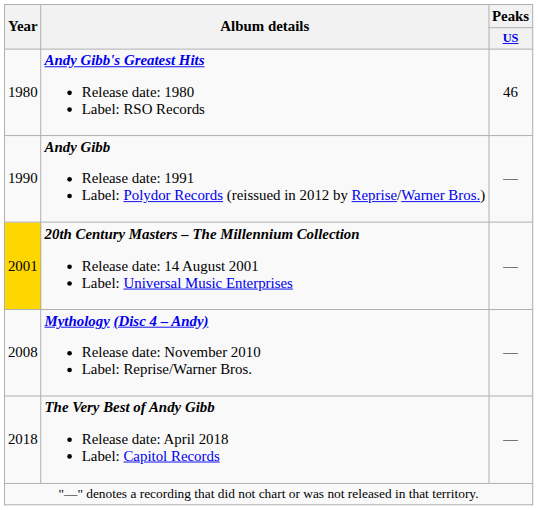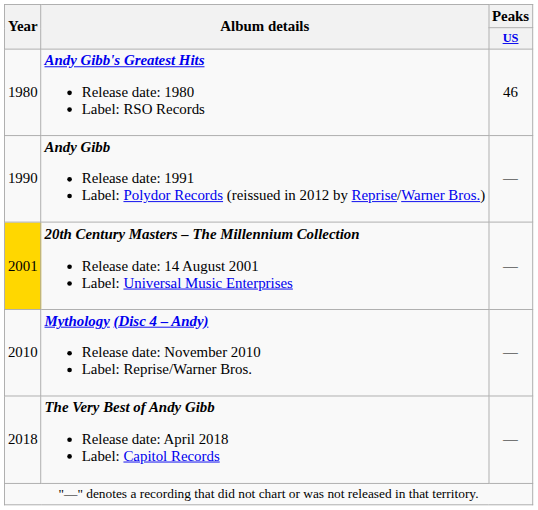 <table class="wikitable" style="text-align:center;">
 <tr>
 <th rowspan="2">Year</th>
 <th rowspan="2">Album details</th>
 <th colspan="1">Peaks</th>
 </tr>
 <tr style="font-size:smaller;">
 <th width="35"><a href='#'>US</a><br></th>
 </tr>
 <tr>
 <td>1980</td>
 <td style="text-align:left;"><strong><em><a href='#'>Andy Gibb's Greatest Hits</a></em></strong><br><ul><li>Release date: 1980</li><li>Label: RSO Records</li></ul></td>
 <td>46</td>
 </tr>
 <tr>
 <td>1990</td>
 <td style="text-align:left;"><strong><em>Andy Gibb</em></strong><br><ul><li>Release date: 1991</li><li>Label: <a href='#'>Polydor Records</a> (reissued in 2012 by <a href='#'>Reprise</a>/<a href='#'>Warner Bros.</a>)</li></ul></td>
 <td>—</td>
 </tr>
 <tr>
 <td style="background: gold;">2001</td>
 <td style="text-align:left;"><strong><em>20th Century Masters – The Millennium Collection</em></strong><br><ul><li>Release date: 14 August 2001</li><li>Label: <a href='#'>Universal Music Enterprises</a></li></ul></td>
 <td>—</td>
 </tr>
 <tr>
-<td>2008</td>
+<td>2010</td>
 <td style="text-align:left;"><strong><em><a href='#'>Mythology</a> <a href='#'>(Disc 4 – Andy)</a></em></strong><br><ul><li>Release date: November 2010</li><li>Label: Reprise/Warner Bros.</li></ul></td>
 <td>—</td>
 </tr>
 <tr>
 <td>2018</td>
 <td style="text-align:left;"><strong><em>The Very Best of Andy Gibb</em></strong><br><ul><li>Release date: April 2018</li><li>Label: <a href='#'>Capitol Records</a></li></ul></td>
 <td>—</td>
 </tr>
 <tr>
 <td colspan="15" style="font-size:90%">"—" denotes a recording that did not chart or was not released in that territory.</td>
 </tr>
 </table>
